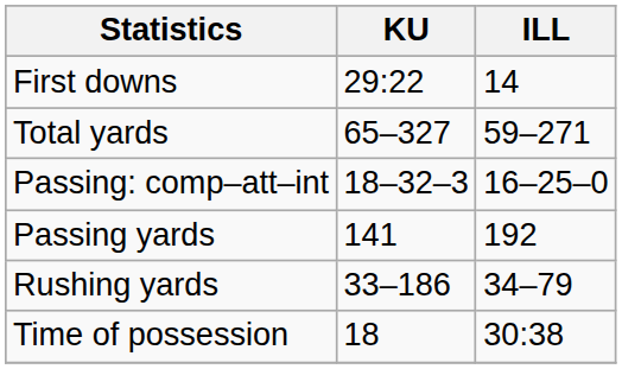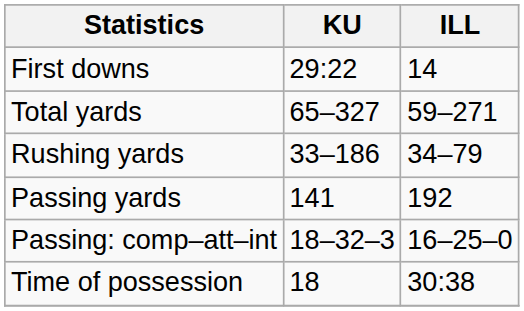 <table class="wikitable" style="float: left;">
 <tr>
 <th>Statistics</th>
 <th>KU</th>
 <th>ILL</th>
 </tr>
 <tr>
 <td>First downs</td>
 <td>29:22</td>
 <td>14</td>
 </tr>
 <tr>
 <td>Total yards</td>
 <td>65–327</td>
 <td>59–271</td>
 </tr>
 <tr>
-<td>Passing: comp–att–int</td>
-<td>18–32–3</td>
-<td>16–25–0</td>
+<td>Rushing yards</td>
+<td>33–186</td>
+<td>34–79</td>
 </tr>
 <tr>
 <td>Passing yards</td>
 <td>141</td>
 <td>192</td>
 </tr>
 <tr>
-<td>Rushing yards</td>
-<td>33–186</td>
-<td>34–79</td>
+<td>Passing: comp–att–int</td>
+<td>18–32–3</td>
+<td>16–25–0</td>
 </tr>
 <tr>
 <td>Time of possession</td>
 <td>18</td>
 <td>30:38</td>
 </tr>
 <tr>
 </tr>
 </table>
